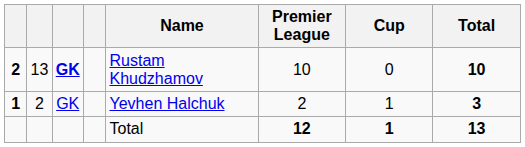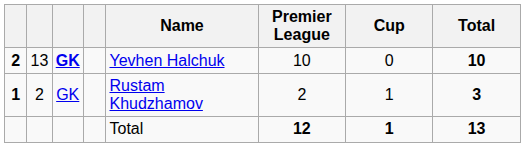 <table class="wikitable" style="text-align:center">
 <tr>
 <th width=15></th>
 <th width=15></th>
 <th width=15></th>
 <th width=15></th>
 <th width=145>Name</th>
 <th width=80><strong>Premier League</strong></th>
 <th width=80><strong>Cup</strong></th>
 <th width=80>Total</th>
 </tr>
 <tr>
 <td><strong>2</strong></td>
 <td>13</td>
 <td><strong><a href='#'>GK</a></strong></td>
 <td></td>
-<td align=left><a href='#'>Rustam Khudzhamov</a></td>
+<td align=left><a href='#'>Yevhen Halchuk</a></td>
 <td>10</td>
 <td>0</td>
 <td><strong>10</strong></td>
 </tr>
 <tr>
 <td><strong>1</strong></td>
 <td>2</td>
 <td><a href='#'>GK</a></td>
 <td></td>
-<td align=left><a href='#'>Yevhen Halchuk</a></td>
+<td align=left><a href='#'>Rustam Khudzhamov</a></td>
 <td>2</td>
 <td>1</td>
 <td><strong>3</strong></td>
 </tr>
 <tr>
 <td></td>
 <td></td>
 <td></td>
 <td></td>
 <td align=left>Total</td>
 <td><strong>12</strong></td>
 <td><strong>1</strong></td>
 <td><strong>13</strong></td>
 </tr>
 <tr>
 </tr>
 </table>
